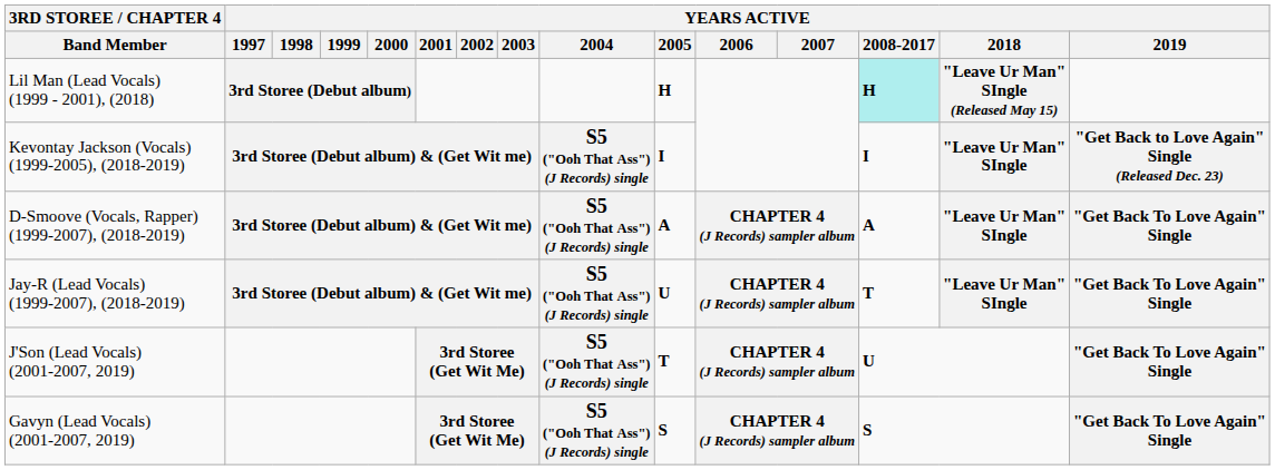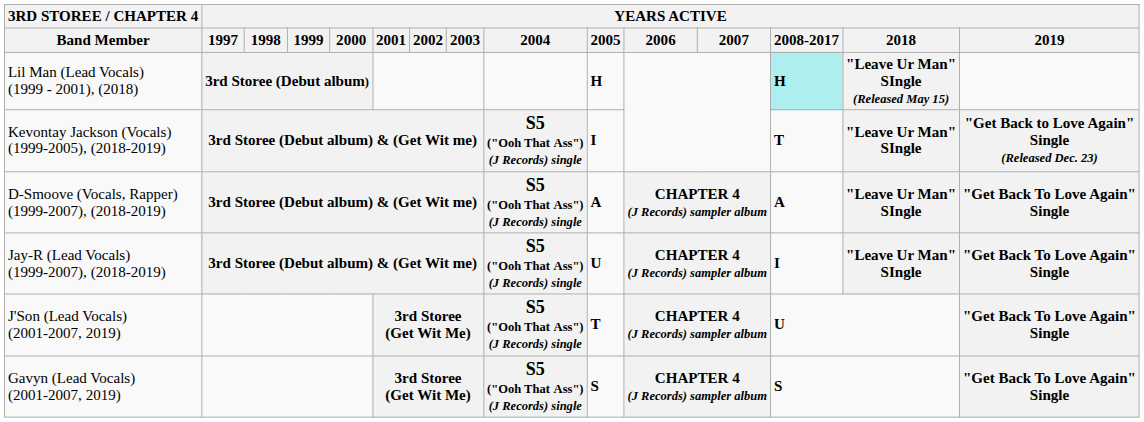 <table class="wikitable">
 <tr>
 <th>3RD STOREE / CHAPTER 4</th>
 <th colspan="14">YEARS ACTIVE</th>
 </tr>
 <tr>
 <th>Band Member</th>
 <th>1997</th>
 <th>1998</th>
 <th>1999</th>
 <th>2000</th>
 <th>2001</th>
 <th>2002</th>
 <th>2003</th>
 <th>2004</th>
 <th>2005</th>
 <th>2006</th>
 <th>2007</th>
 <th>2008-2017</th>
 <th>2018</th>
 <th>2019</th>
 </tr>
 <tr>
 <td>Lil Man (Lead Vocals)<br>(1999 - 2001), (2018)</td>
 <th colspan="4"><strong>3rd Storee (Debut album<small>)</small></strong></th>
 <td colspan="3"></td>
 <td></td>
 <td><strong>H</strong></td>
 <td colspan="2" rowspan="2"></td>
 <td style="background: paleturquoise;"><strong>H</strong></td>
 <th>"Leave Ur Man"<br>SIngle<br><em><small>(Released May 15)</small></em></th>
 <td></td>
 </tr>
 <tr>
 <td>Kevontay Jackson (Vocals)<br>(1999-2005), (2018-2019)</td>
 <th colspan="7">3rd Storee (Debut album) & (Get Wit me)</th>
 <th><big>S5</big><br><small>("Ooh That</small> <small>Ass")</small><br><small><em>(J Records) single</em></small></th>
 <td><strong>I</strong></td>
-<td><strong>I</strong></td>
+<td><strong>T</strong></td>
 <th>"Leave Ur Man"<br>SIngle</th>
 <th>"Get Back to Love Again"<br>Single<br><em><small>(Released Dec. 23)</small></em></th>
 </tr>
 <tr>
 <td>D-Smoove (Vocals, Rapper)<br>(1999-2007), (2018-2019)</td>
 <th colspan="7">3rd Storee (Debut album) & (Get Wit me)</th>
 <th><big>S5</big><br><small>("Ooh That</small> <small>Ass")</small><br><small><em>(J Records) single</em></small></th>
 <td><strong>A</strong></td>
 <th colspan="2">CHAPTER 4<br><small><em>(J Records) sampler album</em></small></th>
 <td><strong>A</strong></td>
 <th>"Leave Ur Man"<br>SIngle</th>
 <th>"Get Back To Love Again"<br>Single</th>
 </tr>
 <tr>
 <td>Jay-R (Lead Vocals)<br>(1999-2007), (2018-2019)</td>
 <th colspan="7">3rd Storee (Debut album) & (Get Wit me)</th>
 <th><big>S5</big><br><small>("Ooh That</small> <small>Ass")</small><br><small><em>(J Records) single</em></small></th>
 <td><strong>U</strong></td>
 <th colspan="2">CHAPTER 4<br><small><em>(J Records) sampler album</em></small></th>
-<td><strong>T</strong></td>
+<td><strong>I</strong></td>
 <th>"Leave Ur Man"<br>SIngle</th>
 <th>"Get Back To Love Again"<br>Single</th>
 </tr>
 <tr>
 <td>J'Son (Lead Vocals)<br>(2001-2007, 2019)</td>
 <td colspan="4"></td>
 <th colspan="3">3rd Storee<br>(Get Wit Me)</th>
 <th><big>S5</big><br><small>("Ooh That</small> <small>Ass")</small><br><small><em>(J Records) single</em></small></th>
 <td><strong>T</strong></td>
 <th colspan="2">CHAPTER 4<br><small><em>(J Records) sampler album</em></small></th>
 <td colspan="2"><strong>U</strong></td>
 <th><strong>"Get Back To Love Again"</strong><br><strong>Single</strong></th>
 </tr>
 <tr>
 <td>Gavyn (Lead Vocals)<br>(2001-2007, 2019)</td>
 <td colspan="4"></td>
 <th colspan="3">3rd Storee<br>(Get Wit Me)</th>
 <th><big>S5</big><br><small>("Ooh That</small> <small>Ass")</small><br><small><em>(J Records) single</em></small></th>
 <td><strong>S</strong></td>
 <th colspan="2">CHAPTER 4<br><small><em>(J Records) sampler album</em></small></th>
 <td colspan="2"><strong>S</strong></td>
 <th><strong>"Get Back To Love Again"</strong><br><strong>Single</strong></th>
 </tr>
 </table>
